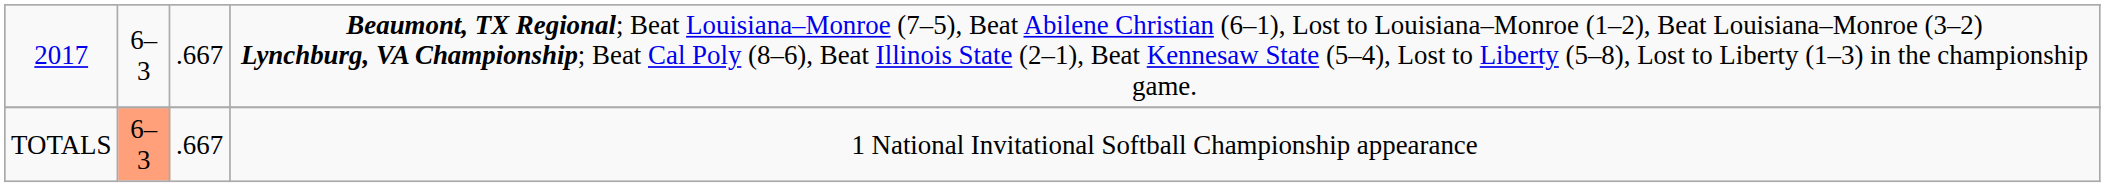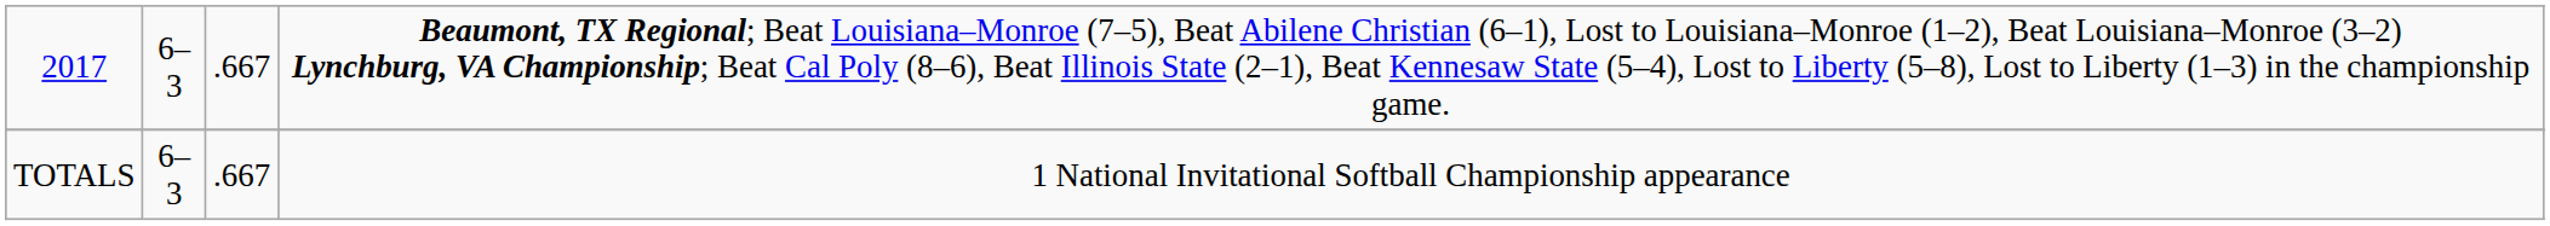 <table class="wikitable sortable" style="text-align:center">
 <tr>
 <td><a href='#'>2017</a></td>
 <td>6–3</td>
 <td>.667</td>
 <td><strong><em>Beaumont, TX Regional</em></strong>; Beat <a href='#'>Louisiana–Monroe</a> (7–5), Beat <a href='#'>Abilene Christian</a> (6–1), Lost to Louisiana–Monroe (1–2), Beat Louisiana–Monroe (3–2)<br><strong><em>Lynchburg, VA Championship</em></strong>; Beat <a href='#'>Cal Poly</a> (8–6), Beat <a href='#'>Illinois State</a> (2–1), Beat <a href='#'>Kennesaw State</a> (5–4), Lost to <a href='#'>Liberty</a> (5–8), Lost to Liberty (1–3) in the championship game.</td>
 </tr>
 <tr>
 </tr>
 <tr class="sortbottom">
 <td>TOTALS</td>
-<td style="background: lightsalmon;">6–3</td>
+<td>6–3</td>
 <td>.667</td>
 <td>1 National Invitational Softball Championship appearance</td>
 </tr>
 </table>
